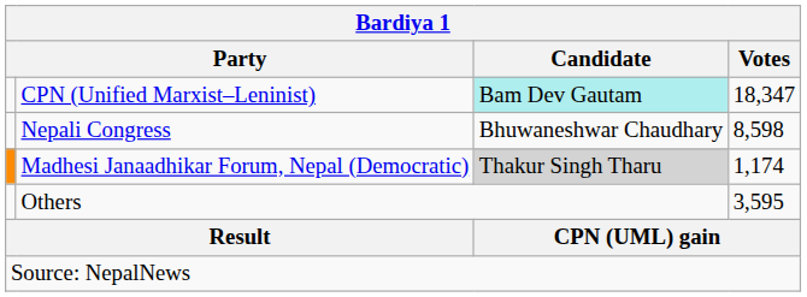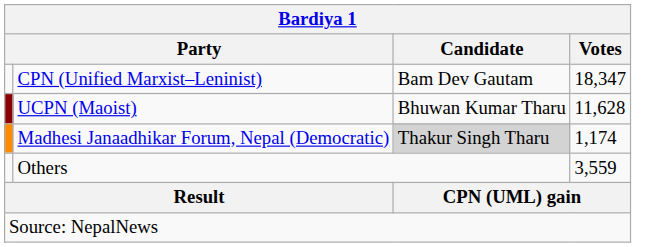 <table class="wikitable">
 <tr>
 <th colspan="4"><a href='#'>Bardiya 1</a></th>
 </tr>
 <tr>
 <th colspan="2">Party</th>
 <th>Candidate</th>
 <th>Votes</th>
 </tr>
 <tr>
 <td style="background-color:"></td>
 <td><a href='#'>CPN (Unified Marxist–Leninist)</a></td>
-<td style="background: paleturquoise;">Bam Dev Gautam</td>
+<td>Bam Dev Gautam</td>
 <td>18,347</td>
 </tr>
 <tr>
-<td style="background-color:"></td>
-<td><a href='#'>Nepali Congress</a></td>
-<td>Bhuwaneshwar Chaudhary</td>
-<td>8,598</td>
+<td style="background-color:darkred"></td>
+<td><a href='#'>UCPN (Maoist)</a></td>
+<td>Bhuwan Kumar Tharu</td>
+<td>11,628</td>
 </tr>
 <tr>
 <td style="background-color:darkorange"></td>
 <td><a href='#'>Madhesi Janaadhikar Forum, Nepal (Democratic)</a></td>
 <td style="background: lightgrey;">Thakur Singh Tharu</td>
 <td>1,174</td>
 </tr>
 <tr>
 <td></td>
 <td colspan="2">Others</td>
-<td>3,595</td>
+<td>3,559</td>
 </tr>
 <tr>
 <th colspan="2">Result</th>
 <th colspan="2">CPN (UML) gain</th>
 </tr>
 <tr>
 <td colspan="4">Source: NepalNews</td>
 </tr>
 </table>
